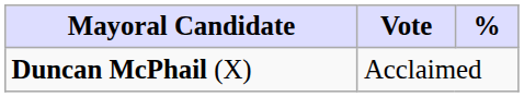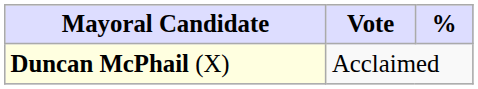 <table class="wikitable">
 <tr>
 <th style="background:#ddf; width:200px;">Mayoral Candidate</th>
 <th style="background:#ddf; width:50px;">Vote</th>
 <th style="background:#ddf; width:30px;">%</th>
 </tr>
 <tr>
-<td><strong>Duncan McPhail</strong> (X)</td>
+<td style="background: lightyellow;"><strong>Duncan McPhail</strong> (X)</td>
 <td colspan="2">Acclaimed</td>
 </tr>
 </table>
